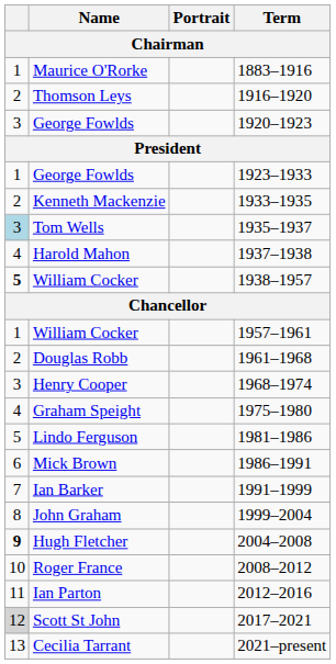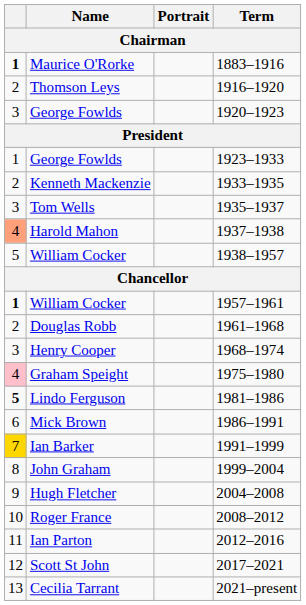 <table class="wikitable mw-collapsible mw-collapsed">
 <tr>
 <th></th>
 <th>Name</th>
 <th>Portrait</th>
 <th>Term</th>
 </tr>
 <tr>
 <th colspan=4>Chairman</th>
 </tr>
 <tr>
-<td align=center>1</td>
+<td align=center><strong>1</strong></td>
 <td><a href='#'>Maurice O'Rorke</a></td>
 <td></td>
 <td>1883–1916</td>
 </tr>
 <tr>
 <td align=center>2</td>
 <td><a href='#'>Thomson Leys</a></td>
 <td></td>
 <td>1916–1920</td>
 </tr>
 <tr>
 <td align=center>3</td>
 <td><a href='#'>George Fowlds</a></td>
 <td></td>
 <td>1920–1923</td>
 </tr>
 <tr>
 <th colspan=4>President</th>
 </tr>
 <tr>
 <td align=center>1</td>
 <td><a href='#'>George Fowlds</a></td>
 <td></td>
 <td>1923–1933</td>
 </tr>
 <tr>
 <td align=center>2</td>
 <td><a href='#'>Kenneth Mackenzie</a></td>
 <td></td>
 <td>1933–1935</td>
 </tr>
 <tr>
-<td align=center style="background: lightblue;">3</td>
+<td align=center>3</td>
 <td><a href='#'>Tom Wells</a></td>
 <td></td>
 <td>1935–1937</td>
 </tr>
 <tr>
-<td align=center>4</td>
+<td align=center style="background: lightsalmon;">4</td>
 <td><a href='#'>Harold Mahon</a></td>
 <td></td>
 <td>1937–1938</td>
 </tr>
 <tr>
-<td align=center><strong>5</strong></td>
+<td align=center>5</td>
 <td><a href='#'>William Cocker</a></td>
 <td></td>
 <td>1938–1957</td>
 </tr>
 <tr>
 <th colspan=4>Chancellor</th>
 </tr>
 <tr>
-<td align=center>1</td>
+<td align=center><strong>1</strong></td>
 <td><a href='#'>William Cocker</a></td>
 <td></td>
 <td>1957–1961</td>
 </tr>
 <tr>
 <td align=center>2</td>
 <td><a href='#'>Douglas Robb</a></td>
 <td></td>
 <td>1961–1968</td>
 </tr>
 <tr>
 <td align=center>3</td>
 <td><a href='#'>Henry Cooper</a></td>
 <td></td>
 <td>1968–1974</td>
 </tr>
 <tr>
-<td align=center>4</td>
+<td align=center style="background: pink;">4</td>
 <td><a href='#'>Graham Speight</a></td>
 <td></td>
 <td>1975–1980</td>
 </tr>
 <tr>
-<td align=center>5</td>
+<td align=center><strong>5</strong></td>
 <td><a href='#'>Lindo Ferguson</a></td>
 <td></td>
 <td>1981–1986</td>
 </tr>
 <tr>
 <td align=center>6</td>
 <td><a href='#'>Mick Brown</a></td>
 <td></td>
 <td>1986–1991</td>
 </tr>
 <tr>
-<td align=center>7</td>
+<td align=center style="background: gold;">7</td>
 <td><a href='#'>Ian Barker</a></td>
 <td></td>
 <td>1991–1999</td>
 </tr>
 <tr>
 <td align=center>8</td>
 <td><a href='#'>John Graham</a></td>
 <td></td>
 <td>1999–2004</td>
 </tr>
 <tr>
-<td align=center><strong>9</strong></td>
+<td align=center>9</td>
 <td><a href='#'>Hugh Fletcher</a></td>
 <td></td>
 <td>2004–2008</td>
 </tr>
 <tr>
 <td align=center>10</td>
 <td><a href='#'>Roger France</a></td>
 <td></td>
 <td>2008–2012</td>
 </tr>
 <tr>
 <td align=center>11</td>
 <td><a href='#'>Ian Parton</a></td>
 <td></td>
 <td>2012–2016</td>
 </tr>
 <tr>
-<td align=center style="background: lightgrey;">12</td>
+<td align=center>12</td>
 <td><a href='#'>Scott St John</a></td>
 <td></td>
 <td>2017–2021</td>
 </tr>
 <tr>
 <td align=center>13</td>
 <td><a href='#'>Cecilia Tarrant</a></td>
 <td></td>
 <td>2021–present</td>
 </tr>
 </table>
